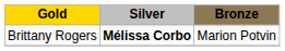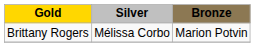 <table class="wikitable">
 <tr>
 <th style="background-color:#FFD700">Gold</th>
 <th style="background-color:#C0C0C0">Silver</th>
 <th style="background-color:#8C7853">Bronze</th>
 </tr>
 <tr>
 <td> Brittany Rogers</td>
-<td><strong> Mélissa Corbo</strong></td>
+<td> Mélissa Corbo</td>
 <td> Marion Potvin</td>
 </tr>
 <tr>
 </tr>
 </table>
